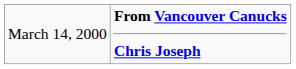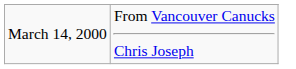 <table class="wikitable">
 <tr>
 </tr>
 <tr>
 <td>March 14, 2000</td>
-<td valign="top"><strong>From <a href='#'>Vancouver Canucks</a><hr><a href='#'>Chris Joseph</a></strong></td>
+<td valign="top">From <a href='#'>Vancouver Canucks</a><hr><a href='#'>Chris Joseph</a></td>
 </tr>
 </table>
